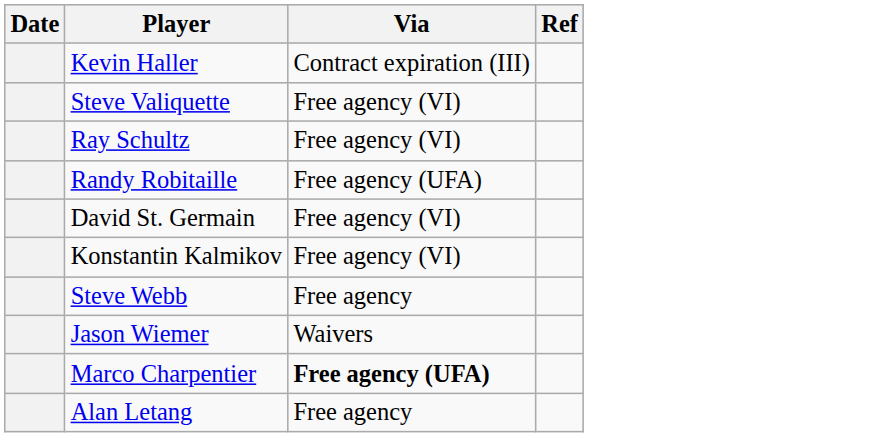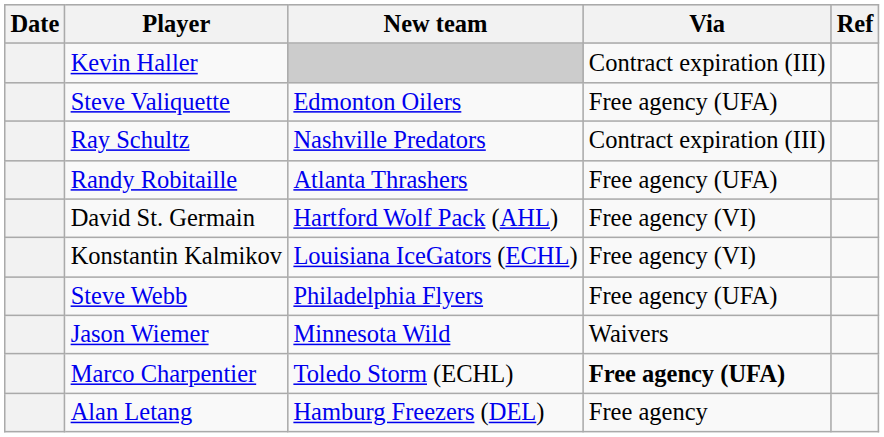 <table class="wikitable plainrowheaders">
 <tr style="background:#ddd; text-align:center;">
 <th>Date</th>
 <th>Player</th>
+<th>New team</th>
 <th>Via</th>
 <th>Ref</th>
 </tr>
 <tr>
 <th scope="row"></th>
 <td><a href='#'>Kevin Haller</a></td>
+<td style="background:#ccc"></td>
 <td>Contract expiration (III)</td>
 <td></td>
 </tr>
 <tr>
 <th scope="row"></th>
 <td><a href='#'>Steve Valiquette</a></td>
-<td>Free agency (VI)</td>
+<td><a href='#'>Edmonton Oilers</a></td>
+<td>Free agency (UFA)</td>
 <td></td>
 </tr>
 <tr>
 <th scope="row"></th>
 <td><a href='#'>Ray Schultz</a></td>
-<td>Free agency (VI)</td>
+<td><a href='#'>Nashville Predators</a></td>
+<td>Contract expiration (III)</td>
 <td></td>
 </tr>
 <tr>
 <th scope="row"></th>
 <td><a href='#'>Randy Robitaille</a></td>
+<td><a href='#'>Atlanta Thrashers</a></td>
 <td>Free agency (UFA)</td>
 <td></td>
 </tr>
 <tr>
 <th scope="row"></th>
 <td>David St. Germain</td>
+<td><a href='#'>Hartford Wolf Pack</a> (<a href='#'>AHL</a>)</td>
 <td>Free agency (VI)</td>
 <td></td>
 </tr>
 <tr>
 <th scope="row"></th>
 <td>Konstantin Kalmikov</td>
+<td><a href='#'>Louisiana IceGators</a> (<a href='#'>ECHL</a>)</td>
 <td>Free agency (VI)</td>
 <td></td>
 </tr>
 <tr>
 <th scope="row"></th>
 <td><a href='#'>Steve Webb</a></td>
-<td>Free agency</td>
+<td><a href='#'>Philadelphia Flyers</a></td>
+<td>Free agency (UFA)</td>
 <td></td>
 </tr>
 <tr>
 <th scope="row"></th>
 <td><a href='#'>Jason Wiemer</a></td>
+<td><a href='#'>Minnesota Wild</a></td>
 <td>Waivers</td>
 <td></td>
 </tr>
 <tr>
 <th scope="row"></th>
 <td><a href='#'>Marco Charpentier</a></td>
+<td><a href='#'>Toledo Storm</a> (ECHL)</td>
 <td><strong>Free agency (UFA)</strong></td>
 <td></td>
 </tr>
 <tr>
 <th scope="row"></th>
 <td><a href='#'>Alan Letang</a></td>
+<td><a href='#'>Hamburg Freezers</a> (<a href='#'>DEL</a>)</td>
 <td>Free agency</td>
 <td></td>
 </tr>
 </table>
